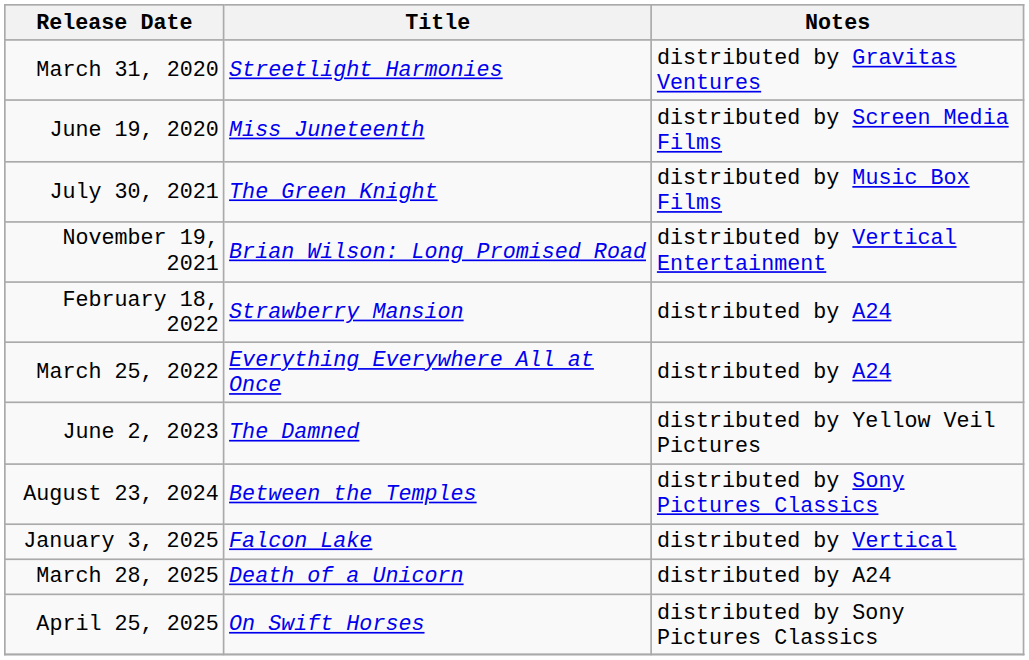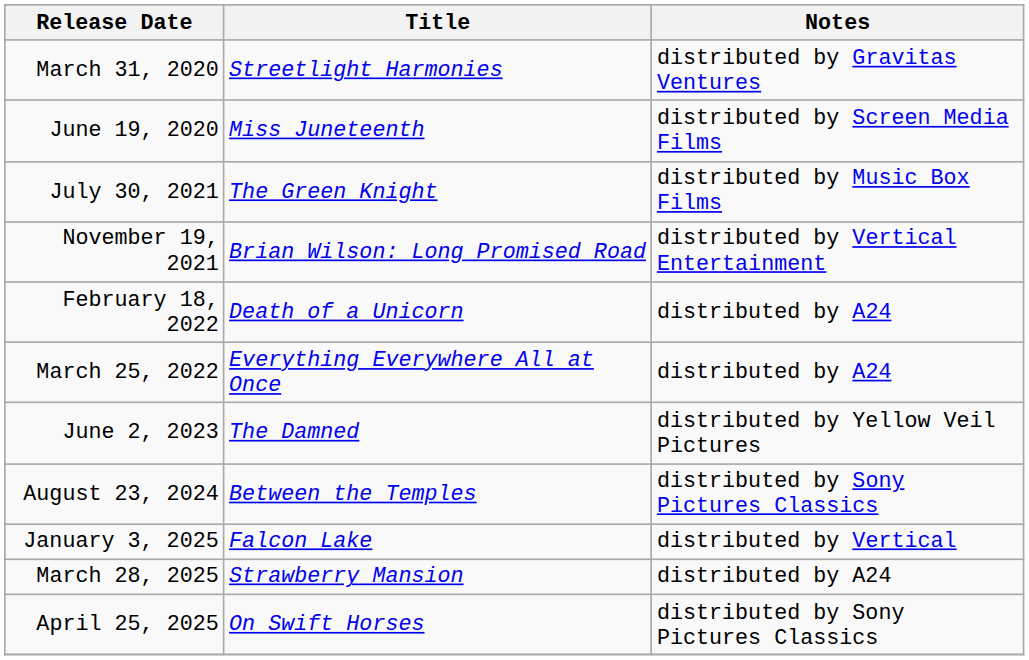 <table class="wikitable sortable">
 <tr>
 <th style="width:125px;">Release Date</th>
 <th style="width:250px;">Title</th>
 <th>Notes</th>
 </tr>
 <tr>
 <td style="text-align:right;">March 31, 2020</td>
 <td><em><a href='#'>Streetlight Harmonies</a></em></td>
 <td>distributed by <a href='#'>Gravitas Ventures</a></td>
 </tr>
 <tr>
 <td style="text-align:right;">June 19, 2020</td>
 <td><em><a href='#'>Miss Juneteenth</a></em></td>
 <td>distributed by <a href='#'>Screen Media Films</a></td>
 </tr>
 <tr>
 <td style="text-align:right;">July 30, 2021</td>
 <td><em><a href='#'>The Green Knight</a></em></td>
 <td>distributed by <a href='#'>Music Box Films</a></td>
 </tr>
 <tr>
 <td style="text-align:right;">November 19, 2021</td>
 <td><em><a href='#'>Brian Wilson: Long Promised Road</a></em></td>
 <td>distributed by <a href='#'>Vertical Entertainment</a></td>
 </tr>
 <tr>
 <td style="text-align:right;">February 18, 2022</td>
-<td><em><a href='#'>Strawberry Mansion</a></em></td>
+<td><em><a href='#'>Death of a Unicorn</a></em></td>
 <td>distributed by <a href='#'>A24</a></td>
 </tr>
 <tr>
 <td style="text-align:right;">March 25, 2022</td>
 <td><em><a href='#'>Everything Everywhere All at Once</a></em></td>
 <td>distributed by <a href='#'>A24</a></td>
 </tr>
 <tr>
 <td style="text-align:right;">June 2, 2023</td>
 <td><em><a href='#'>The Damned</a></em></td>
 <td>distributed by Yellow Veil Pictures</td>
 </tr>
 <tr>
 <td style="text-align:right;">August 23, 2024</td>
 <td><em><a href='#'>Between the Temples</a></em></td>
 <td>distributed by <a href='#'>Sony Pictures Classics</a></td>
 </tr>
 <tr>
 <td style="text-align:right;">January 3, 2025</td>
 <td><em><a href='#'>Falcon Lake</a></em></td>
 <td>distributed by <a href='#'>Vertical</a></td>
 </tr>
 <tr>
 <td style="text-align:right;">March 28, 2025</td>
-<td><em><a href='#'>Death of a Unicorn</a></em></td>
+<td><em><a href='#'>Strawberry Mansion</a></em></td>
 <td>distributed by A24</td>
 </tr>
 <tr>
 <td style="text-align:right;">April 25, 2025</td>
 <td><em><a href='#'>On Swift Horses</a></em></td>
 <td>distributed by Sony Pictures Classics</td>
 </tr>
 <tr>
 </tr>
 </table>
